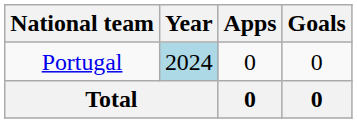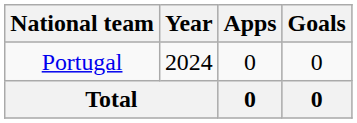 <table class=wikitable style="text-align:center">
 <tr>
 <th>National team</th>
 <th>Year</th>
 <th>Apps</th>
 <th>Goals</th>
 </tr>
 <tr>
 <td rowspan="1"><a href='#'>Portugal</a></td>
-<td style="background: lightblue;">2024</td>
+<td>2024</td>
 <td>0</td>
 <td>0</td>
 </tr>
 <tr>
 <th colspan="2">Total</th>
 <th>0</th>
 <th>0</th>
 </tr>
 </table>
